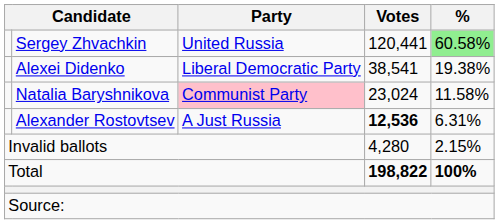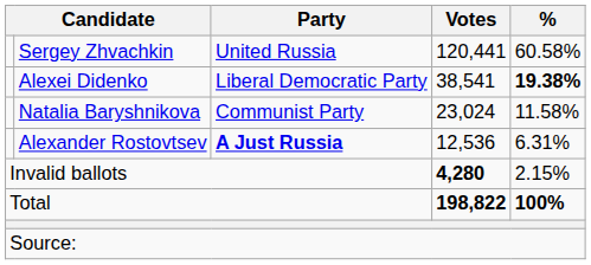 <table class="wikitable sortable" style="text-align:left; margin-bottom:0;">
 <tr>
 <th colspan=2>Candidate</th>
 <th>Party</th>
 <th>Votes</th>
 <th>%</th>
 </tr>
 <tr>
 <td bgcolor=></td>
 <td><a href='#'>Sergey Zhvachkin</a></td>
 <td><a href='#'>United Russia</a></td>
 <td>120,441</td>
-<td style="background: lightgreen;">60.58%</td>
+<td>60.58%</td>
 </tr>
 <tr>
 <td bgcolor=></td>
 <td><a href='#'>Alexei Didenko</a></td>
 <td><a href='#'>Liberal Democratic Party</a></td>
 <td>38,541</td>
-<td>19.38%</td>
+<td><strong>19.38%</strong></td>
 </tr>
 <tr>
 <td bgcolor=></td>
 <td><a href='#'>Natalia Baryshnikova</a></td>
-<td style="background: pink;"><a href='#'>Communist Party</a></td>
+<td><a href='#'>Communist Party</a></td>
 <td>23,024</td>
 <td>11.58%</td>
 </tr>
 <tr>
 <td bgcolor=></td>
 <td><a href='#'>Alexander Rostovtsev</a></td>
-<td><a href='#'>A Just Russia</a></td>
-<td><strong>12,536</strong></td>
+<td><strong><a href='#'>A Just Russia</a></strong></td>
+<td>12,536</td>
 <td>6.31%</td>
 </tr>
 <tr>
 <td colspan=3>Invalid ballots</td>
-<td>4,280</td>
+<td><strong>4,280</strong></td>
 <td>2.15%</td>
 </tr>
 <tr>
 <td colspan=3>Total</td>
 <td><strong>198,822</strong></td>
 <td><strong>100%</strong></td>
 </tr>
 <tr>
 <th colspan=5></th>
 </tr>
 <tr>
 <td colspan=5>Source:</td>
 </tr>
 </table>
